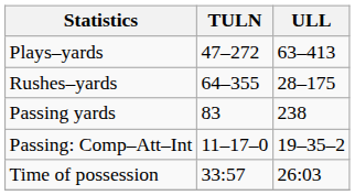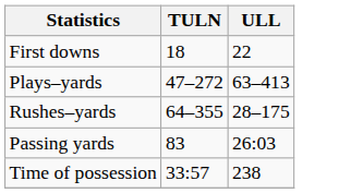 <table class="wikitable" style="float: left;">
 <tr>
 <th>Statistics</th>
 <th>TULN</th>
 <th>ULL</th>
+</tr>
+<tr>
+<td>First downs</td>
+<td>18</td>
+<td>22</td>
 </tr>
 <tr>
 <td>Plays–yards</td>
 <td>47–272</td>
 <td>63–413</td>
 </tr>
 <tr>
 <td>Rushes–yards</td>
 <td>64–355</td>
 <td>28–175</td>
 </tr>
 <tr>
 <td>Passing yards</td>
 <td>83</td>
-<td>238</td>
-</tr>
-<tr>
-<td>Passing: Comp–Att–Int</td>
-<td>11–17–0</td>
-<td>19–35–2</td>
+<td>26:03</td>
 </tr>
 <tr>
 <td>Time of possession</td>
 <td>33:57</td>
-<td>26:03</td>
+<td>238</td>
 </tr>
 <tr>
 </tr>
 </table>
